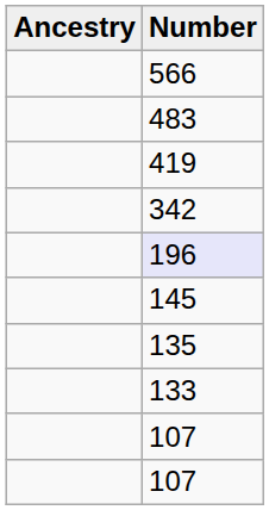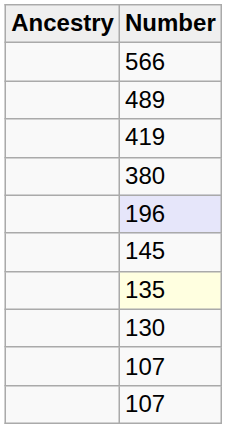 <table style="float: right;" class="wikitable">
 <tr>
 <th style="background:#efefef;">Ancestry</th>
 <th style="background:#efefef;">Number</th>
 </tr>
 <tr>
 <td></td>
 <td>566</td>
 </tr>
 <tr>
 <td></td>
-<td>483</td>
+<td>489</td>
 </tr>
 <tr>
 <td></td>
 <td>419</td>
 </tr>
 <tr>
 <td></td>
-<td>342</td>
+<td>380</td>
 </tr>
 <tr>
 <td></td>
 <td style="background: lavender;">196</td>
 </tr>
 <tr>
 <td></td>
 <td>145</td>
 </tr>
 <tr>
 <td></td>
-<td>135</td>
+<td style="background: lightyellow;">135</td>
 </tr>
 <tr>
 <td></td>
-<td>133</td>
+<td>130</td>
 </tr>
 <tr>
 <td></td>
 <td>107</td>
 </tr>
 <tr>
 <td></td>
 <td>107</td>
 </tr>
 </table>
